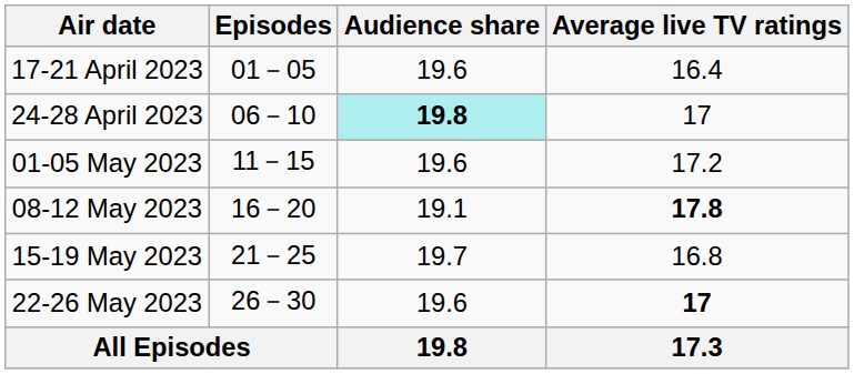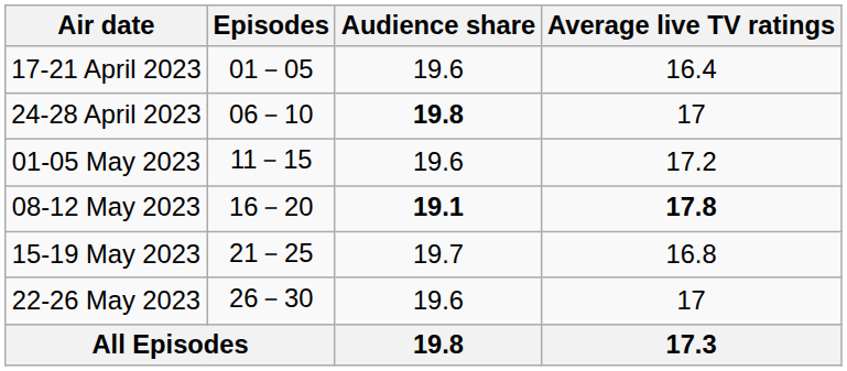 <table class="wikitable sortable mw-collapsible jquery-tablesorter" style="text-align:center">
 <tr>
 <th>Air date</th>
 <th>Episodes</th>
 <th>Audience share</th>
 <th>Average live TV ratings</th>
 </tr>
 <tr>
 <td>17-21 April 2023</td>
 <td>01－05</td>
 <td>19.6</td>
 <td>16.4</td>
 </tr>
 <tr>
 <td>24-28 April 2023</td>
 <td>06－10</td>
-<td style="background: paleturquoise;"><strong><span>19.8</span></strong></td>
+<td><strong><span>19.8</span></strong></td>
 <td>17</td>
 </tr>
 <tr>
 <td>01-05 May 2023</td>
 <td>11－15</td>
 <td>19.6</td>
 <td>17.2</td>
 </tr>
 <tr>
 <td>08-12 May 2023</td>
 <td>16－20</td>
-<td>19.1</td>
+<td><strong>19.1</strong></td>
 <td><strong><span>17.8</span></strong></td>
 </tr>
 <tr>
 <td>15-19 May 2023</td>
 <td>21－25</td>
 <td>19.7</td>
 <td>16.8</td>
 </tr>
 <tr>
 <td>22-26 May 2023</td>
 <td>26－30</td>
 <td>19.6</td>
-<td><strong>17</strong></td>
+<td>17</td>
 </tr>
 <tr>
 <th colspan="2">All Episodes</th>
 <th>19.8</th>
 <th>17.3</th>
 </tr>
 </table>
